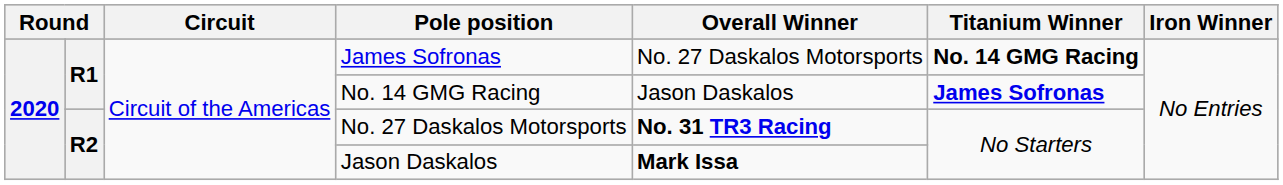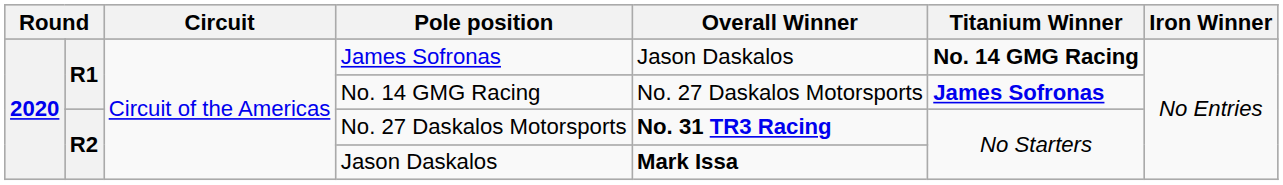 <table class="wikitable" style="font-size: 85%;">
 <tr>
 <th colspan=2>Round</th>
 <th>Circuit</th>
 <th>Pole position</th>
 <th>Overall Winner</th>
 <th>Titanium Winner</th>
 <th>Iron Winner</th>
 </tr>
 <tr>
 <th rowspan=4><a href='#'>2020</a></th>
 <th rowspan=2>R1</th>
 <td rowspan=4><a href='#'>Circuit of the Americas</a></td>
 <td> <a href='#'>James Sofronas</a></td>
-<td> No. 27 Daskalos Motorsports</td>
+<td> Jason Daskalos</td>
 <td><strong> No. 14 GMG Racing</strong></td>
 <td rowspan=4 align=center><em>No Entries</em></td>
 </tr>
 <tr>
 <td> No. 14 GMG Racing</td>
-<td> Jason Daskalos</td>
+<td> No. 27 Daskalos Motorsports</td>
 <td><strong> <a href='#'>James Sofronas</a></strong></td>
 </tr>
 <tr>
 <th rowspan=2>R2</th>
 <td> No. 27 Daskalos Motorsports</td>
 <td><strong> No. 31 <a href='#'>TR3 Racing</a></strong></td>
 <td rowspan=2 align=center><em>No Starters</em></td>
 </tr>
 <tr>
 <td> Jason Daskalos</td>
 <td><strong> Mark Issa</strong></td>
 </tr>
 </table>
